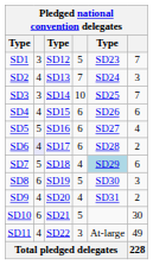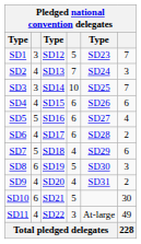 <table class="wikitable sortable" style="font-size:90%;text-align:center;float:none;padding:5px;">
 <tr>
 <th colspan="6">Pledged <a href='#'>national<br>convention</a> delegates</th>
 </tr>
 <tr>
 <th>Type</th>
 <th></th>
 <th>Type</th>
 <th></th>
 <th>Type</th>
 <th></th>
 </tr>
 <tr>
 <td><a href='#'>SD1</a></td>
 <td>3</td>
 <td><a href='#'>SD12</a></td>
 <td>5</td>
 <td><a href='#'>SD23</a></td>
 <td>7</td>
 </tr>
 <tr>
 <td><a href='#'>SD2</a></td>
 <td>4</td>
 <td><a href='#'>SD13</a></td>
 <td>7</td>
 <td><a href='#'>SD24</a></td>
 <td>3</td>
 </tr>
 <tr>
 <td><a href='#'>SD3</a></td>
 <td>3</td>
 <td><a href='#'>SD14</a></td>
 <td>10</td>
 <td><a href='#'>SD25</a></td>
 <td>7</td>
 </tr>
 <tr>
 <td><a href='#'>SD4</a></td>
 <td>4</td>
 <td><a href='#'>SD15</a></td>
 <td>6</td>
 <td><a href='#'>SD26</a></td>
 <td>6</td>
 </tr>
 <tr>
 <td><a href='#'>SD5</a></td>
 <td>5</td>
 <td><a href='#'>SD16</a></td>
 <td>6</td>
 <td><a href='#'>SD27</a></td>
 <td>4</td>
 </tr>
 <tr>
 <td><a href='#'>SD6</a></td>
-<td style="background: lavender;">4</td>
+<td>4</td>
 <td><a href='#'>SD17</a></td>
 <td>6</td>
 <td><a href='#'>SD28</a></td>
 <td>2</td>
 </tr>
 <tr>
 <td><a href='#'>SD7</a></td>
 <td>5</td>
 <td><a href='#'>SD18</a></td>
 <td>4</td>
-<td style="background: lightblue;"><a href='#'>SD29</a></td>
+<td><a href='#'>SD29</a></td>
 <td>6</td>
 </tr>
 <tr>
 <td><a href='#'>SD8</a></td>
 <td>6</td>
 <td><a href='#'>SD19</a></td>
 <td>5</td>
 <td><a href='#'>SD30</a></td>
 <td>3</td>
 </tr>
 <tr>
 <td><a href='#'>SD9</a></td>
 <td>4</td>
 <td><a href='#'>SD20</a></td>
 <td>4</td>
 <td><a href='#'>SD31</a></td>
 <td>2</td>
 </tr>
 <tr>
 <td><a href='#'>SD10</a></td>
 <td>6</td>
 <td><a href='#'>SD21</a></td>
 <td>5</td>
 <td></td>
 <td>30</td>
 </tr>
 <tr>
 <td><a href='#'>SD11</a></td>
 <td>4</td>
 <td><a href='#'>SD22</a></td>
 <td>3</td>
 <td>At-large</td>
 <td>49</td>
 </tr>
 <tr>
 <th colspan=5>Total pledged delegates</th>
 <th>228</th>
 </tr>
 </table>
